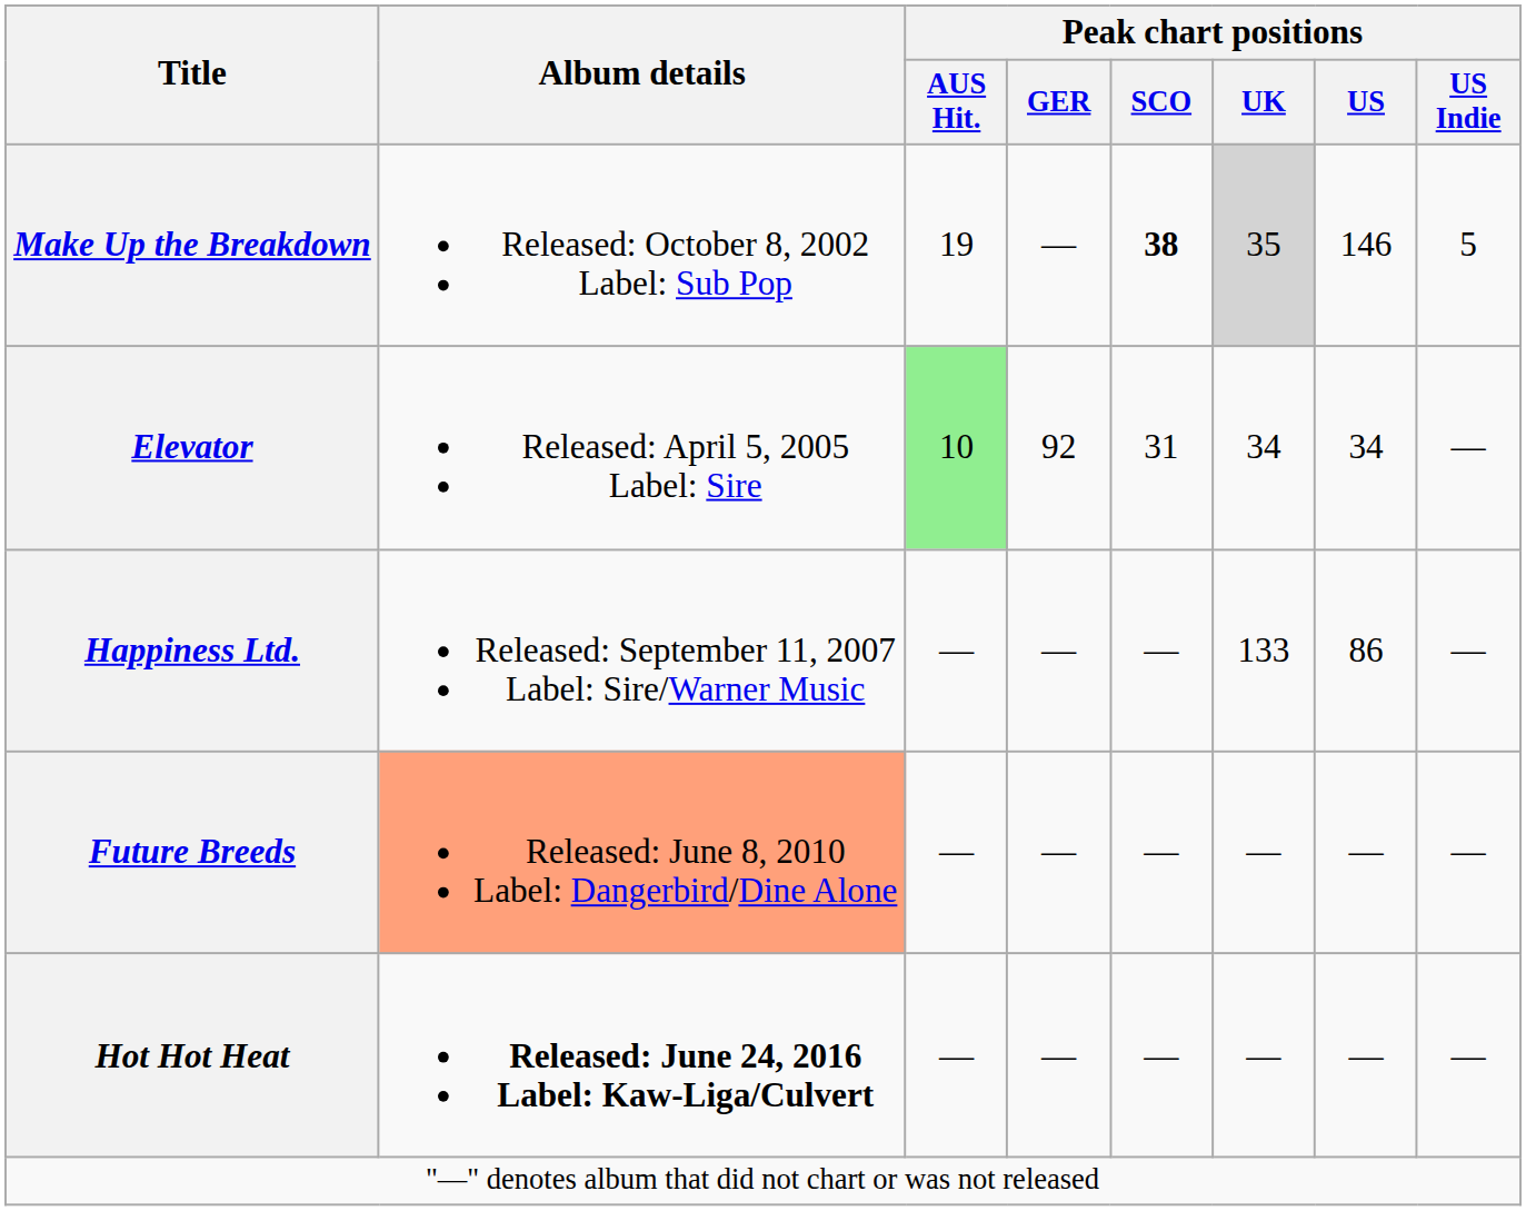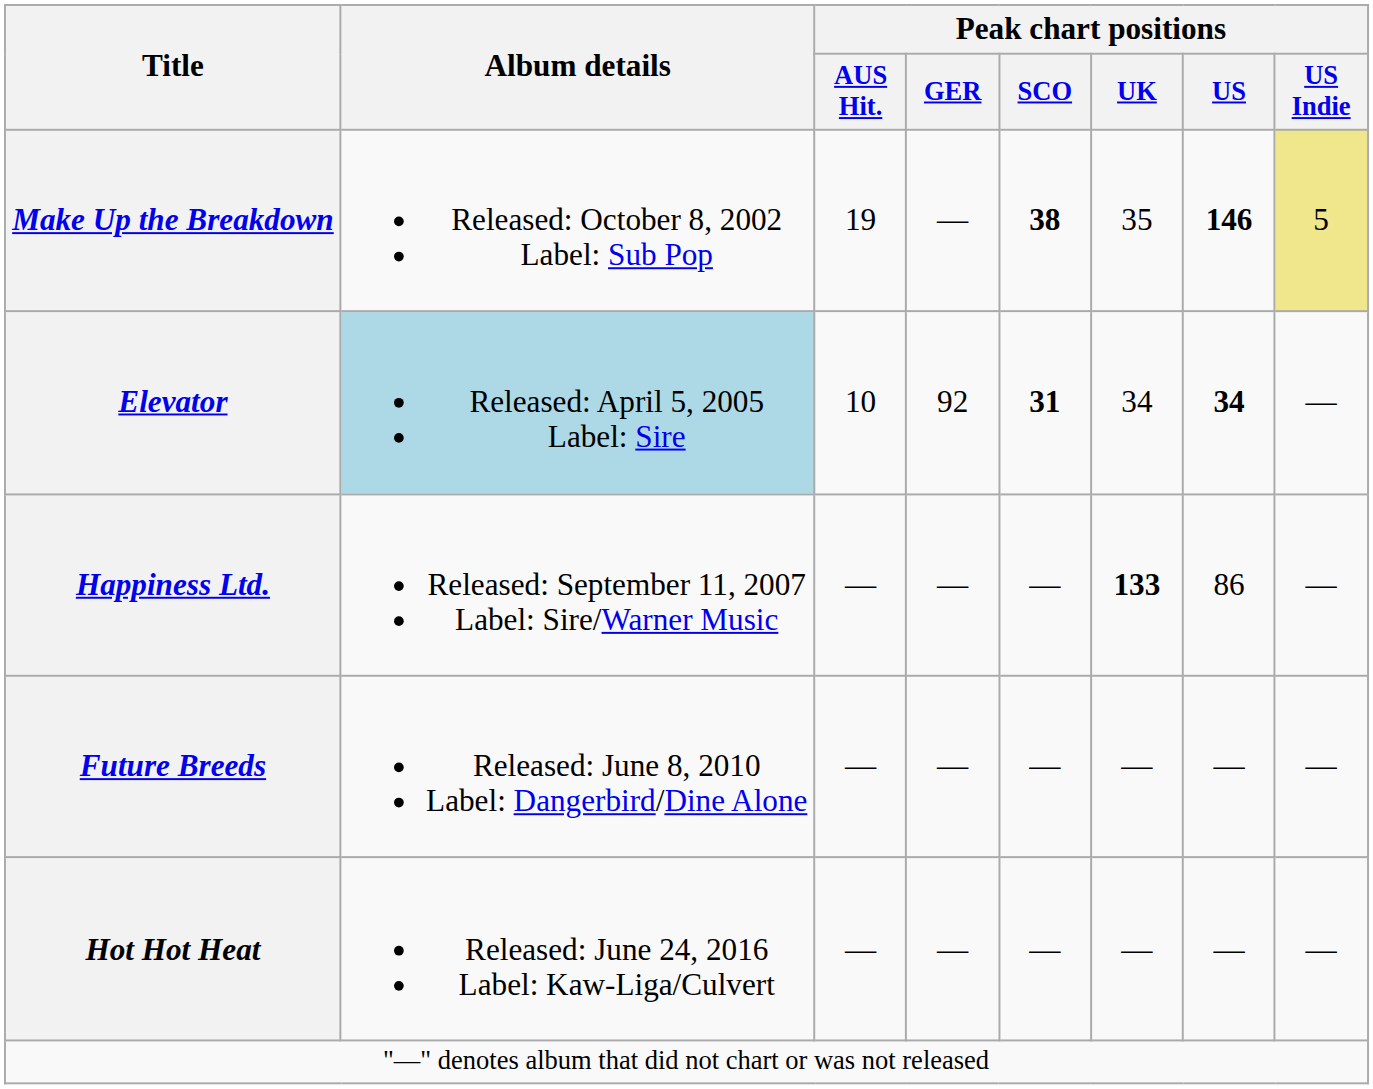 <table class="wikitable plainrowheaders" style="text-align:center;">
 <tr>
 <th scope="col" rowspan="2">Title</th>
 <th scope="col" rowspan="2">Album details</th>
 <th scope="col" colspan="6">Peak chart positions</th>
 </tr>
 <tr>
 <th scope="col" style="width:3em;font-size:85%;"><a href='#'>AUS<br>Hit.</a><br></th>
 <th scope="col" style="width:3em;font-size:85%;"><a href='#'>GER</a><br></th>
 <th scope="col" style="width:3em;font-size:85%;"><a href='#'>SCO</a><br></th>
 <th scope="col" style="width:3em;font-size:85%;"><a href='#'>UK</a><br></th>
 <th scope="col" style="width:3em;font-size:85%;"><a href='#'>US</a><br></th>
 <th scope="col" style="width:3em;font-size:85%;"><a href='#'>US<br>Indie</a><br></th>
 </tr>
 <tr>
 <th scope="row"><em><a href='#'>Make Up the Breakdown</a></em></th>
 <td><br><ul><li>Released: October 8, 2002</li><li>Label: <a href='#'>Sub Pop</a></li></ul></td>
 <td>19</td>
 <td>—</td>
 <td><strong>38</strong></td>
-<td style="background: lightgrey;">35</td>
-<td>146</td>
-<td>5</td>
+<td>35</td>
+<td><strong>146</strong></td>
+<td style="background: khaki;">5</td>
 </tr>
 <tr>
 <th scope="row"><em><a href='#'>Elevator</a></em></th>
-<td><br><ul><li>Released: April 5, 2005</li><li>Label: <a href='#'>Sire</a></li></ul></td>
-<td style="background: lightgreen;">10</td>
+<td style="background: lightblue;"><br><ul><li>Released: April 5, 2005</li><li>Label: <a href='#'>Sire</a></li></ul></td>
+<td>10</td>
 <td>92</td>
-<td>31</td>
+<td><strong>31</strong></td>
 <td>34</td>
-<td>34</td>
+<td><strong>34</strong></td>
 <td>—</td>
 </tr>
 <tr>
 <th scope="row"><em><a href='#'>Happiness Ltd.</a></em></th>
 <td><br><ul><li>Released: September 11, 2007</li><li>Label: Sire/<a href='#'>Warner Music</a></li></ul></td>
 <td>—</td>
 <td>—</td>
 <td>—</td>
-<td>133</td>
+<td><strong>133</strong></td>
 <td>86</td>
 <td>—</td>
 </tr>
 <tr>
 <th scope="row"><em><a href='#'>Future Breeds</a></em></th>
-<td style="background: lightsalmon;"><br><ul><li>Released: June 8, 2010</li><li>Label: <a href='#'>Dangerbird</a>/<a href='#'>Dine Alone</a></li></ul></td>
+<td><br><ul><li>Released: June 8, 2010</li><li>Label: <a href='#'>Dangerbird</a>/<a href='#'>Dine Alone</a></li></ul></td>
 <td>—</td>
 <td>—</td>
 <td>—</td>
 <td>—</td>
 <td>—</td>
 <td>—</td>
 </tr>
 <tr>
 <th scope="row"><em>Hot Hot Heat</em></th>
-<td><strong><br><ul><li>Released: June 24, 2016</li><li>Label: Kaw-Liga/Culvert</li></ul></strong></td>
+<td><br><ul><li>Released: June 24, 2016</li><li>Label: Kaw-Liga/Culvert</li></ul></td>
 <td>—</td>
 <td>—</td>
 <td>—</td>
 <td>—</td>
 <td>—</td>
 <td>—</td>
 </tr>
 <tr>
 <td colspan="18" style="text-align:center; font-size:85%;">"—" denotes album that did not chart or was not released</td>
 </tr>
 </table>
